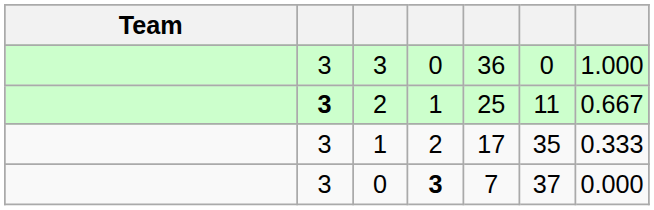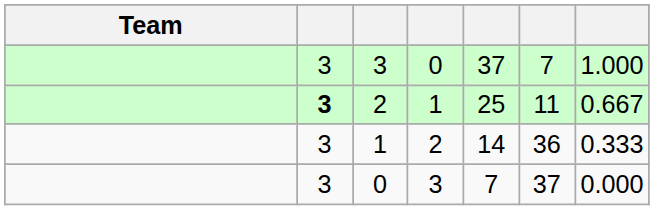 <table class="wikitable" style="text-align: center; font-size:90% ">
 <tr>
 <th width=160>Team</th>
 <th width=25></th>
 <th width=25></th>
 <th width=25></th>
 <th width=25></th>
 <th width=25></th>
 <th width=35></th>
 </tr>
 <tr bgcolor=ccffcc>
 <td align=left></td>
 <td>3</td>
 <td>3</td>
 <td>0</td>
-<td>36</td>
-<td>0</td>
+<td>37</td>
+<td>7</td>
 <td>1.000</td>
 </tr>
 <tr bgcolor=ccffcc>
 <td align=left></td>
 <td><strong>3</strong></td>
 <td>2</td>
 <td>1</td>
 <td>25</td>
 <td>11</td>
 <td>0.667</td>
 </tr>
 <tr>
 <td align=left></td>
 <td>3</td>
 <td>1</td>
 <td>2</td>
-<td>17</td>
-<td>35</td>
+<td>14</td>
+<td>36</td>
 <td>0.333</td>
 </tr>
 <tr>
 <td align=left></td>
 <td>3</td>
 <td>0</td>
-<td><strong>3</strong></td>
+<td>3</td>
 <td>7</td>
 <td>37</td>
 <td>0.000</td>
 </tr>
 </table>
